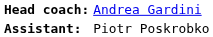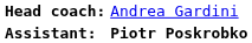 <table>
 <tr>
 <td><strong>Head coach:</strong></td>
 <td> <a href='#'>Andrea Gardini</a></td>
 </tr>
 <tr>
 <td><strong>Assistant:</strong></td>
-<td> Piotr Poskrobko</td>
+<td><strong> Piotr Poskrobko</strong></td>
 </tr>
 </table>
